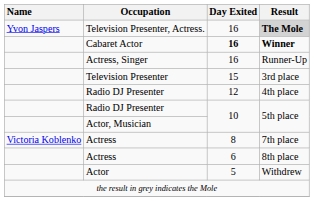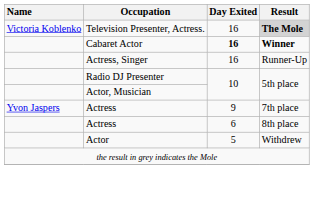 <table class="wikitable sortable">
 <tr>
 <th style="text-align:left">Name</th>
 <th style="text-align:center">Occupation</th>
 <th style="text-align:center">Day Exited</th>
 <th style="text-align:center">Result</th>
 </tr>
 <tr>
-<td style="text-align:left"><a href='#'>Yvon Jaspers</a></td>
+<td style="text-align:left"><a href='#'>Victoria Koblenko</a></td>
 <td style="text-align:left">Television Presenter, Actress.</td>
 <td style="text-align:center">16</td>
 <td style=background:lightgray;><strong>The Mole</strong></td>
 </tr>
 <tr>
 <td style="text-align:left"></td>
 <td style="text-align:left">Cabaret Actor</td>
 <td style="text-align:center"><strong>16</strong></td>
 <td><strong>Winner</strong></td>
 </tr>
 <tr>
 <td style="text-align:left"></td>
 <td style="text-align:left">Actress, Singer</td>
 <td style="text-align:center">16</td>
 <td>Runner-Up</td>
 </tr>
 <tr>
 <td style="text-align:left"></td>
-<td style="text-align:left">Television Presenter</td>
-<td style="text-align:center">15</td>
-<td>3rd place</td>
-</tr>
-<tr>
-<td style="text-align:left"></td>
-<td style="text-align:left">Radio DJ Presenter</td>
-<td style="text-align:center">12</td>
-<td>4th place</td>
-</tr>
-<tr>
-<td style="text-align:left"></td>
 <td style="text-align:left">Radio DJ Presenter</td>
 <td rowspan=2 style="text-align:center">10</td>
 <td rowspan=2>5th place</td>
 </tr>
 <tr>
 <td style="text-align:left"></td>
 <td style="text-align:left">Actor, Musician</td>
 </tr>
 <tr>
-<td style="text-align:left"><a href='#'>Victoria Koblenko</a></td>
+<td style="text-align:left"><a href='#'>Yvon Jaspers</a></td>
 <td style="text-align:left">Actress</td>
-<td style="text-align:center">8</td>
+<td style="text-align:center">9</td>
 <td>7th place</td>
 </tr>
 <tr>
 <td style="text-align:left"></td>
 <td style="text-align:left">Actress</td>
 <td style="text-align:center">6</td>
 <td>8th place</td>
 </tr>
 <tr>
 <td style="text-align:left"></td>
 <td style="text-align:left">Actor</td>
 <td style="text-align:center">5</td>
 <td>Withdrew</td>
 </tr>
 <tr>
 <td colspan="4" ; style="text-align:center"><small><em>the result in grey indicates the Mole</em></small></td>
 </tr>
 <tr>
 </tr>
 </table>
